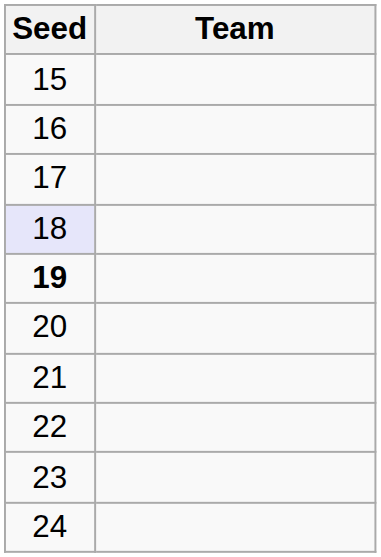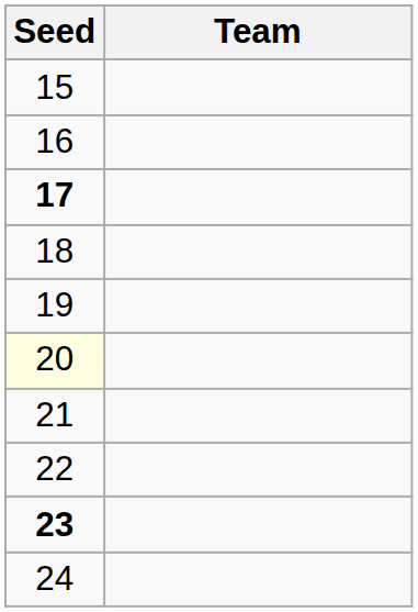 <table class="wikitable" style="text-align:center;">
 <tr>
 <th style="width:1.8em;">Seed</th>
 <th style="width:8.5em;">Team</th>
 </tr>
 <tr>
 <td>15</td>
 <td align="left"></td>
 </tr>
 <tr>
 <td>16</td>
 <td align="left"></td>
 </tr>
 <tr>
-<td>17</td>
+<td><strong>17</strong></td>
 <td align="left"></td>
 </tr>
 <tr>
-<td style="background: lavender;">18</td>
+<td>18</td>
 <td align="left"></td>
 </tr>
 <tr>
-<td><strong>19</strong></td>
+<td>19</td>
 <td align="left"></td>
 </tr>
 <tr>
-<td>20</td>
+<td style="background: lightyellow;">20</td>
 <td align="left"></td>
 </tr>
 <tr>
 <td>21</td>
 <td align="left"></td>
 </tr>
 <tr>
 <td>22</td>
 <td align="left"></td>
 </tr>
 <tr>
-<td>23</td>
+<td><strong>23</strong></td>
 <td align="left"></td>
 </tr>
 <tr>
 <td>24</td>
 <td align="left"></td>
 </tr>
 </table>
